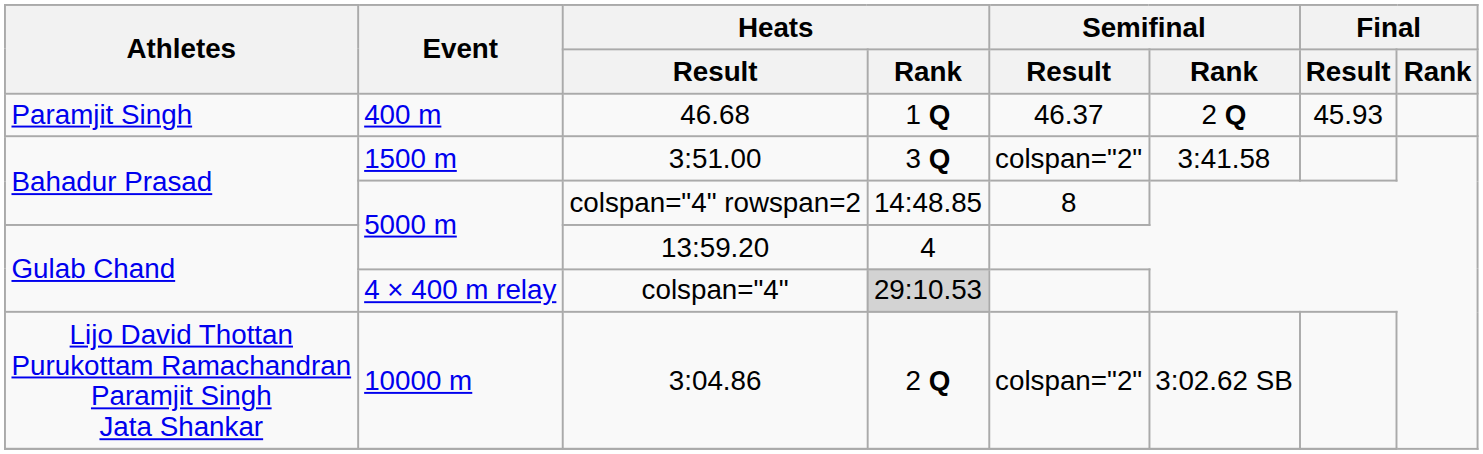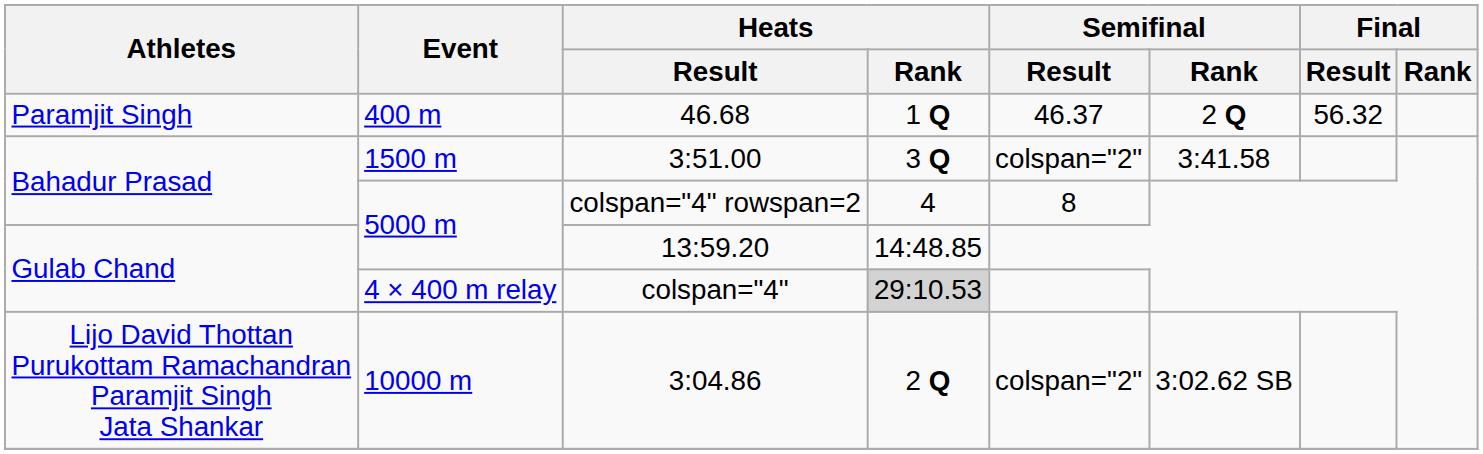 <table class="wikitable" style="text-align:center; font-size:90%">
 <tr>
 <th rowspan=2>Athletes</th>
 <th rowspan=2>Event</th>
 <th colspan=2>Heats</th>
 <th colspan=2>Semifinal</th>
 <th colspan=2>Final</th>
 </tr>
 <tr>
 <th>Result</th>
 <th>Rank</th>
 <th>Result</th>
 <th>Rank</th>
 <th>Result</th>
 <th>Rank</th>
 </tr>
 <tr>
 <td align=left><a href='#'>Paramjit Singh</a></td>
 <td align=left><a href='#'>400 m</a></td>
 <td>46.68</td>
 <td>1 <strong>Q</strong></td>
 <td>46.37</td>
 <td>2 <strong>Q</strong></td>
-<td>45.93</td>
+<td>56.32</td>
 <td></td>
 </tr>
 <tr>
 <td align=left rowspan=2><a href='#'>Bahadur Prasad</a></td>
 <td align=left><a href='#'>1500 m</a></td>
 <td>3:51.00</td>
 <td>3 <strong>Q</strong></td>
 <td>colspan="2" </td>
 <td>3:41.58</td>
 <td></td>
 </tr>
 <tr>
 <td align=left rowspan=2><a href='#'>5000 m</a></td>
 <td>colspan="4" rowspan=2 </td>
-<td>14:48.85</td>
+<td>4</td>
 <td>8</td>
 </tr>
 <tr>
 <td align=left rowspan=2><a href='#'>Gulab Chand</a></td>
 <td>13:59.20</td>
-<td>4</td>
+<td>14:48.85</td>
 </tr>
 <tr>
 <td><a href='#'>4 × 400 m relay</a></td>
 <td>colspan="4" </td>
 <td style="background: lightgrey;">29:10.53</td>
 <td></td>
 </tr>
 <tr>
 <td><a href='#'>Lijo David Thottan</a><br> <a href='#'>Purukottam Ramachandran</a> <br><a href='#'>Paramjit Singh</a> <br><a href='#'>Jata Shankar</a></td>
 <td align=left><a href='#'>10000 m</a></td>
 <td>3:04.86</td>
 <td>2 <strong>Q</strong></td>
 <td>colspan="2" </td>
 <td>3:02.62 SB</td>
 <td></td>
 </tr>
 <tr>
 </tr>
 </table>
